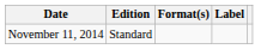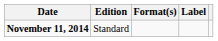 <table class="wikitable plainrowheaders">
 <tr>
 <th scope="col">Date</th>
 <th scope="col">Edition</th>
 <th scope="col">Format(s)</th>
 <th scope="col">Label</th>
 <th scope="col"></th>
 </tr>
 <tr>
-<td>November 11, 2014</td>
+<td><strong>November 11, 2014</strong></td>
 <td rowspan=3>Standard</td>
 <td rowspan=3></td>
 <td></td>
 <td></td>
 </tr>
 </table>
